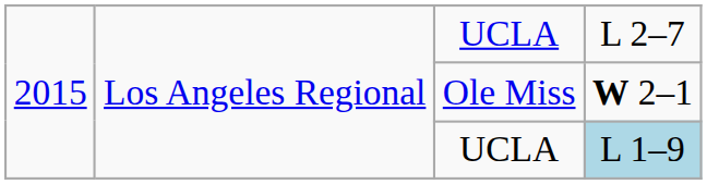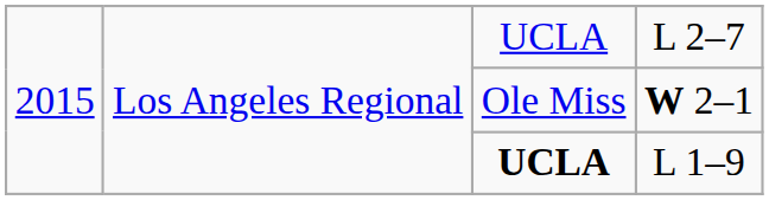 <table class="wikitable collapsible collapsed" style="text-align:center;">
 <tr style="text-align:center;">
 <td rowspan="3"><a href='#'>2015</a></td>
 <td rowspan="3"><a href='#'>Los Angeles Regional</a></td>
 <td><a href='#'>UCLA</a></td>
 <td>L 2–7</td>
 </tr>
 <tr>
 <td><a href='#'>Ole Miss</a></td>
 <td><strong>W</strong> 2–1</td>
 </tr>
 <tr>
-<td>UCLA</td>
-<td style="background: lightblue;">L 1–9</td>
+<td><strong>UCLA</strong></td>
+<td>L 1–9</td>
 </tr>
 </table>
